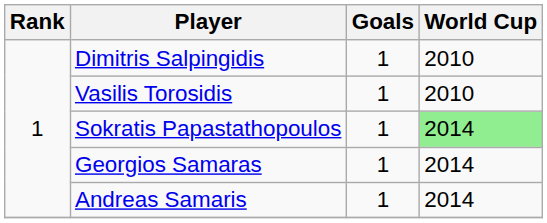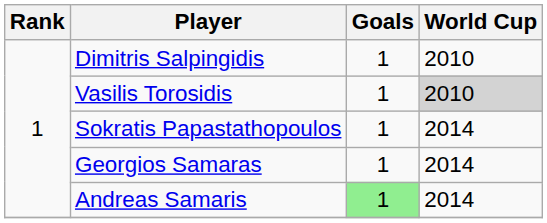 <table class="wikitable" style="text-align: left;">
 <tr>
 <th>Rank</th>
 <th>Player</th>
 <th>Goals</th>
 <th>World Cup</th>
 </tr>
 <tr>
 <td rowspan=5 align=center>1</td>
 <td><a href='#'>Dimitris Salpingidis</a></td>
 <td align=center>1</td>
 <td>2010</td>
 </tr>
 <tr>
 <td><a href='#'>Vasilis Torosidis</a></td>
 <td align=center>1</td>
-<td>2010</td>
+<td style="background: lightgrey;">2010</td>
 </tr>
 <tr>
 <td><a href='#'>Sokratis Papastathopoulos</a></td>
 <td align=center>1</td>
-<td style="background: lightgreen;">2014</td>
+<td>2014</td>
 </tr>
 <tr>
 <td><a href='#'>Georgios Samaras</a></td>
 <td align=center>1</td>
 <td>2014</td>
 </tr>
 <tr>
 <td><a href='#'>Andreas Samaris</a></td>
-<td align=center>1</td>
+<td align=center style="background: lightgreen;">1</td>
 <td>2014</td>
 </tr>
 <tr>
 </tr>
 </table>
